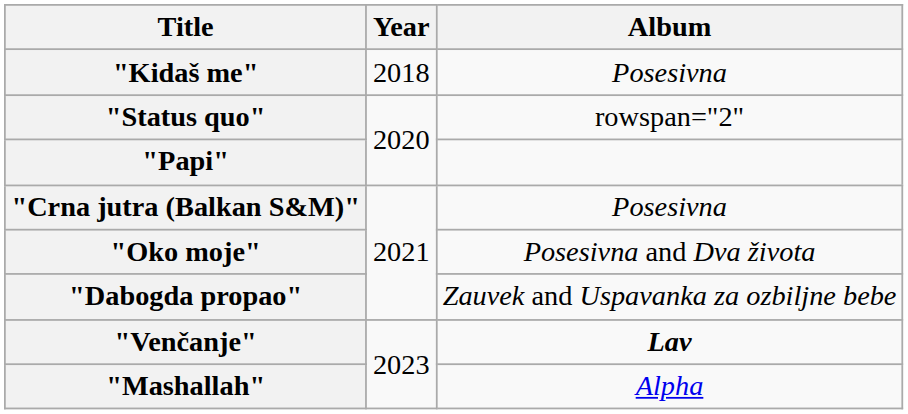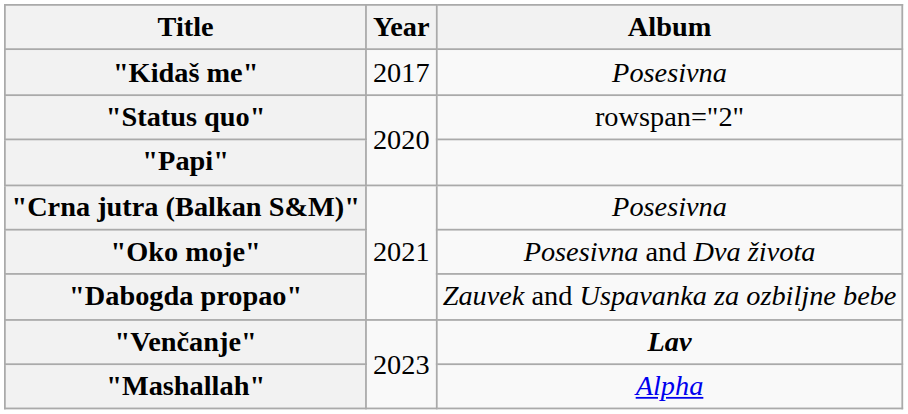 <table class="wikitable plainrowheaders" style="text-align:center;">
 <tr>
 <th>Title</th>
 <th>Year</th>
 <th>Album</th>
 </tr>
 <tr>
 <th scope="row">"Kidaš me"<br></th>
-<td rowspan="1">2018</td>
+<td rowspan="1">2017</td>
 <td rowspan="1"><em>Posesivna</em></td>
 </tr>
 <tr>
 <th scope="row">"Status quo"</th>
 <td rowspan="2">2020</td>
 <td>rowspan="2" </td>
 </tr>
 <tr>
 <th scope="row">"Papi"</th>
 </tr>
 <tr>
 <th scope="row">"Crna jutra (Balkan S&M)"</th>
 <td rowspan="3">2021</td>
 <td rowspan="1"><em>Posesivna</em></td>
 </tr>
 <tr>
 <th scope="row">"Oko moje"<br></th>
 <td rowspan="1"><em>Posesivna</em> and <em>Dva života</em></td>
 </tr>
 <tr>
 <th scope="row">"Dabogda propao"</th>
 <td rowspan="1"><em>Zauvek</em> and <em>Uspavanka za ozbiljne bebe</em></td>
 </tr>
 <tr>
 <th scope="row">"Venčanje"</th>
 <td rowspan="2">2023</td>
 <td rowspan="1"><strong><em>Lav</em></strong></td>
 </tr>
 <tr>
 <th scope="row">"Mashallah"<br></th>
 <td rowspan="1"><em><a href='#'>Alpha</a></em></td>
 </tr>
 </table>
